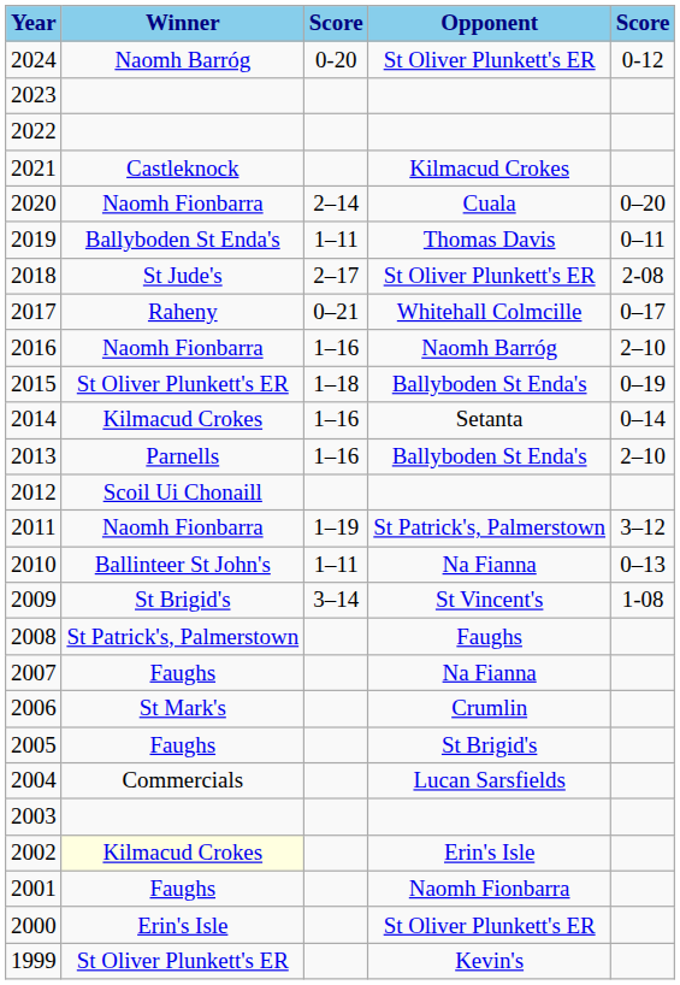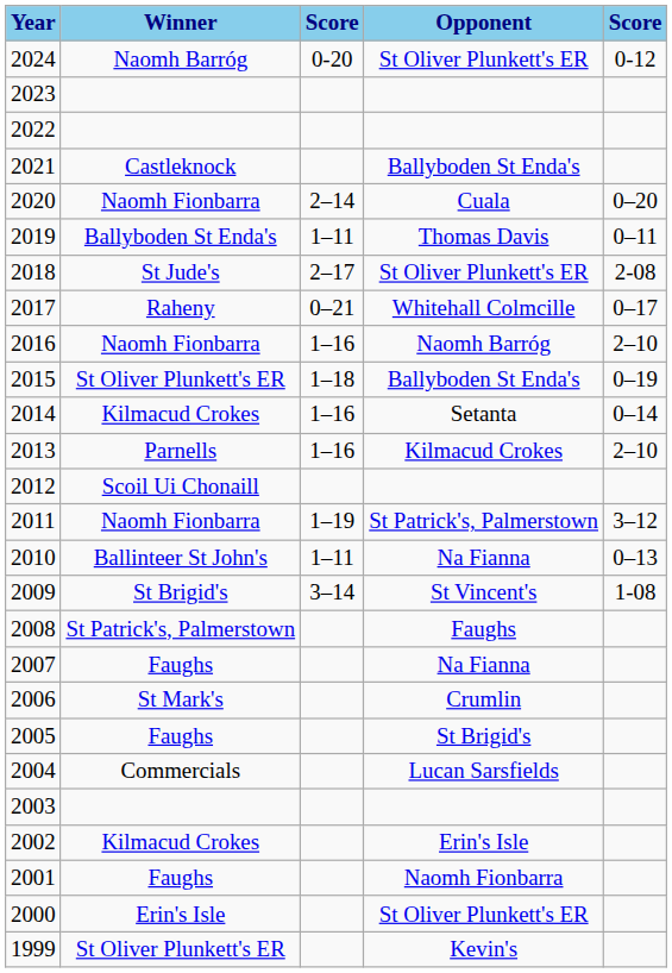 <table class="wikitable" style="text-align:center;">
 <tr>
 <th style="background:skyblue;color:navy;">Year</th>
 <th style="background:skyblue;color:navy;">Winner</th>
 <th style="background:skyblue;color:navy;">Score</th>
 <th style="background:skyblue;color:navy;">Opponent</th>
 <th style="background:skyblue;color:navy;">Score</th>
 </tr>
 <tr>
 <td>2024</td>
 <td><a href='#'>Naomh Barróg</a></td>
 <td>0-20</td>
 <td><a href='#'>St Oliver Plunkett's ER</a></td>
 <td>0-12</td>
 </tr>
 <tr>
 <td>2023</td>
 <td></td>
 <td></td>
 <td></td>
 <td></td>
 </tr>
 <tr>
 <td>2022</td>
 <td></td>
 <td></td>
 <td></td>
 <td></td>
 </tr>
 <tr>
 <td>2021</td>
 <td><a href='#'>Castleknock</a></td>
 <td></td>
-<td><a href='#'>Kilmacud Crokes</a></td>
+<td><a href='#'>Ballyboden St Enda's</a></td>
 <td></td>
 </tr>
 <tr>
 <td>2020</td>
 <td><a href='#'>Naomh Fionbarra</a></td>
 <td>2–14</td>
 <td><a href='#'>Cuala</a></td>
 <td>0–20</td>
 </tr>
 <tr>
 <td>2019</td>
 <td><a href='#'>Ballyboden St Enda's</a></td>
 <td>1–11</td>
 <td><a href='#'>Thomas Davis</a></td>
 <td>0–11</td>
 </tr>
 <tr>
 <td>2018</td>
 <td><a href='#'>St Jude's</a></td>
 <td>2–17</td>
 <td><a href='#'>St Oliver Plunkett's ER</a></td>
 <td>2-08</td>
 </tr>
 <tr>
 <td>2017</td>
 <td><a href='#'>Raheny</a></td>
 <td>0–21</td>
 <td><a href='#'>Whitehall Colmcille</a></td>
 <td>0–17</td>
 </tr>
 <tr>
 <td>2016</td>
 <td><a href='#'>Naomh Fionbarra</a></td>
 <td>1–16</td>
 <td><a href='#'>Naomh Barróg</a></td>
 <td>2–10</td>
 </tr>
 <tr>
 <td>2015</td>
 <td><a href='#'>St Oliver Plunkett's ER</a></td>
 <td>1–18</td>
 <td><a href='#'>Ballyboden St Enda's</a></td>
 <td>0–19</td>
 </tr>
 <tr>
 <td>2014</td>
 <td><a href='#'>Kilmacud Crokes</a></td>
 <td>1–16</td>
 <td>Setanta</td>
 <td>0–14</td>
 </tr>
 <tr>
 <td>2013</td>
 <td><a href='#'>Parnells</a></td>
 <td>1–16</td>
-<td><a href='#'>Ballyboden St Enda's</a></td>
+<td><a href='#'>Kilmacud Crokes</a></td>
 <td>2–10</td>
 </tr>
 <tr>
 <td>2012</td>
 <td><a href='#'>Scoil Ui Chonaill</a></td>
 <td></td>
 <td></td>
 <td></td>
 </tr>
 <tr>
 <td>2011</td>
 <td><a href='#'>Naomh Fionbarra</a></td>
 <td>1–19</td>
 <td><a href='#'>St Patrick's, Palmerstown</a></td>
 <td>3–12</td>
 </tr>
 <tr>
 <td>2010</td>
 <td><a href='#'>Ballinteer St John's</a></td>
 <td>1–11</td>
 <td><a href='#'>Na Fianna</a></td>
 <td>0–13</td>
 </tr>
 <tr>
 <td>2009</td>
 <td><a href='#'>St Brigid's</a></td>
 <td>3–14</td>
 <td><a href='#'>St Vincent's</a></td>
 <td>1-08</td>
 </tr>
 <tr>
 <td>2008</td>
 <td><a href='#'>St Patrick's, Palmerstown</a></td>
 <td></td>
 <td><a href='#'>Faughs</a></td>
 <td></td>
 </tr>
 <tr>
 <td>2007</td>
 <td><a href='#'>Faughs</a></td>
 <td></td>
 <td><a href='#'>Na Fianna</a></td>
 <td></td>
 </tr>
 <tr>
 <td>2006</td>
 <td><a href='#'>St Mark's</a></td>
 <td></td>
 <td><a href='#'>Crumlin</a></td>
 <td></td>
 </tr>
 <tr>
 <td>2005</td>
 <td><a href='#'>Faughs</a></td>
 <td></td>
 <td><a href='#'>St Brigid's</a></td>
 <td></td>
 </tr>
 <tr>
 <td>2004</td>
 <td>Commercials</td>
 <td></td>
 <td><a href='#'>Lucan Sarsfields</a></td>
 <td></td>
 </tr>
 <tr>
 <td>2003</td>
 <td></td>
 <td></td>
 <td></td>
 <td></td>
 </tr>
 <tr>
 <td>2002</td>
-<td style="background: lightyellow;"><a href='#'>Kilmacud Crokes</a></td>
+<td><a href='#'>Kilmacud Crokes</a></td>
 <td></td>
 <td><a href='#'>Erin's Isle</a></td>
 <td></td>
 </tr>
 <tr>
 <td>2001</td>
 <td><a href='#'>Faughs</a></td>
 <td></td>
 <td><a href='#'>Naomh Fionbarra</a></td>
 <td></td>
 </tr>
 <tr>
 <td>2000</td>
 <td><a href='#'>Erin's Isle</a></td>
 <td></td>
 <td><a href='#'>St Oliver Plunkett's ER</a></td>
 <td></td>
 </tr>
 <tr>
 <td>1999</td>
 <td><a href='#'>St Oliver Plunkett's ER</a></td>
 <td></td>
 <td><a href='#'>Kevin's</a></td>
 <td></td>
 </tr>
 </table>
